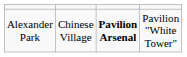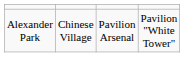 <table Class = "wikitable" style = "text-align: center">
 <tr>
 <td style="width:25px;"></td>
 <td style="width:25px;"></td>
 <td style="width:25px;"></td>
 <td style="width:25px;"></td>
 </tr>
 <tr>
 <td>Alexander Park</td>
 <td>Chinese Village</td>
-<td><strong>Pavilion Arsenal</strong></td>
+<td>Pavilion Arsenal</td>
 <td>Pavilion "White Tower"</td>
 </tr>
 </table>
